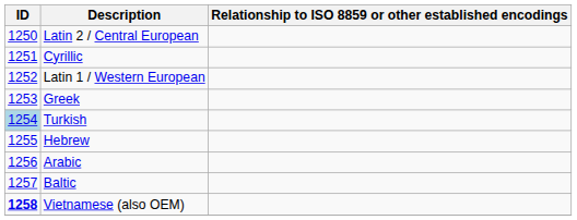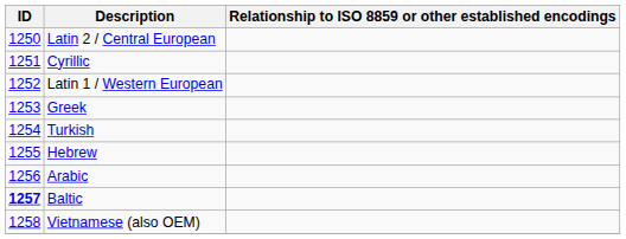 <table class="wikitable">
 <tr>
 <th>ID</th>
 <th>Description</th>
 <th>Relationship to ISO 8859 or other established encodings</th>
 </tr>
 <tr>
 <td><a href='#'>1250</a></td>
 <td><a href='#'>Latin</a> 2 / <a href='#'>Central European</a></td>
 <td></td>
 </tr>
 <tr>
 <td><a href='#'>1251</a></td>
 <td><a href='#'>Cyrillic</a></td>
 <td></td>
 </tr>
 <tr>
 <td><a href='#'>1252</a></td>
 <td>Latin 1 / <a href='#'>Western European</a></td>
 <td></td>
 </tr>
 <tr>
 <td><a href='#'>1253</a></td>
 <td><a href='#'>Greek</a></td>
 <td></td>
 </tr>
 <tr>
-<td style="background: lightblue;"><a href='#'>1254</a></td>
+<td><a href='#'>1254</a></td>
 <td><a href='#'>Turkish</a></td>
 <td></td>
 </tr>
 <tr>
 <td><a href='#'>1255</a></td>
 <td><a href='#'>Hebrew</a></td>
 <td></td>
 </tr>
 <tr>
 <td><a href='#'>1256</a></td>
 <td><a href='#'>Arabic</a></td>
 <td></td>
 </tr>
 <tr>
-<td><a href='#'>1257</a></td>
+<td><strong><a href='#'>1257</a></strong></td>
 <td><a href='#'>Baltic</a></td>
 <td></td>
 </tr>
 <tr>
-<td><strong><a href='#'>1258</a></strong></td>
+<td><a href='#'>1258</a></td>
 <td><a href='#'>Vietnamese</a> (also OEM)</td>
 <td></td>
 </tr>
 <tr>
 </tr>
 </table>
